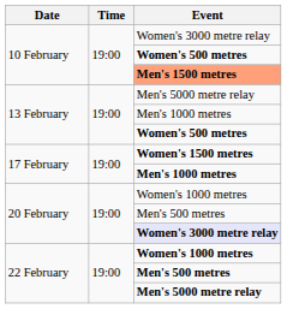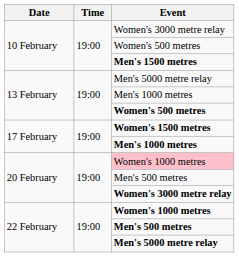 <table class=wikitable>
 <tr>
 <th width="100">Date</th>
 <th width="50">Time</th>
 <th>Event</th>
 </tr>
 <tr>
 <td rowspan=3>10 February</td>
 <td rowspan=3>19:00</td>
 <td>Women's 3000 metre relay</td>
 </tr>
 <tr>
-<td><strong>Women's 500 metres</strong></td>
+<td>Women's 500 metres</td>
 </tr>
 <tr>
-<td style="background: lightsalmon;"><strong>Men's 1500 metres</strong></td>
+<td><strong>Men's 1500 metres</strong></td>
 </tr>
 <tr>
 <td rowspan=3>13 February</td>
 <td rowspan=3>19:00</td>
 <td>Men's 5000 metre relay</td>
 </tr>
 <tr>
 <td>Men's 1000 metres</td>
 </tr>
 <tr>
 <td><strong>Women's 500 metres</strong></td>
 </tr>
 <tr>
 <td rowspan=2>17 February</td>
 <td rowspan=2>19:00</td>
 <td><strong>Women's 1500 metres</strong></td>
 </tr>
 <tr>
 <td><strong>Men's 1000 metres</strong></td>
 </tr>
 <tr>
 <td rowspan=3>20 February</td>
 <td rowspan=3>19:00</td>
-<td>Women's 1000 metres</td>
+<td style="background: pink;">Women's 1000 metres</td>
 </tr>
 <tr>
 <td>Men's 500 metres</td>
 </tr>
 <tr>
-<td style="background: lavender;"><strong>Women's 3000 metre relay</strong></td>
+<td><strong>Women's 3000 metre relay</strong></td>
 </tr>
 <tr>
 <td rowspan=3>22 February</td>
 <td rowspan=3>19:00</td>
 <td><strong>Women's 1000 metres</strong></td>
 </tr>
 <tr>
 <td><strong>Men's 500 metres</strong></td>
 </tr>
 <tr>
 <td><strong>Men's 5000 metre relay</strong></td>
 </tr>
 </table>
